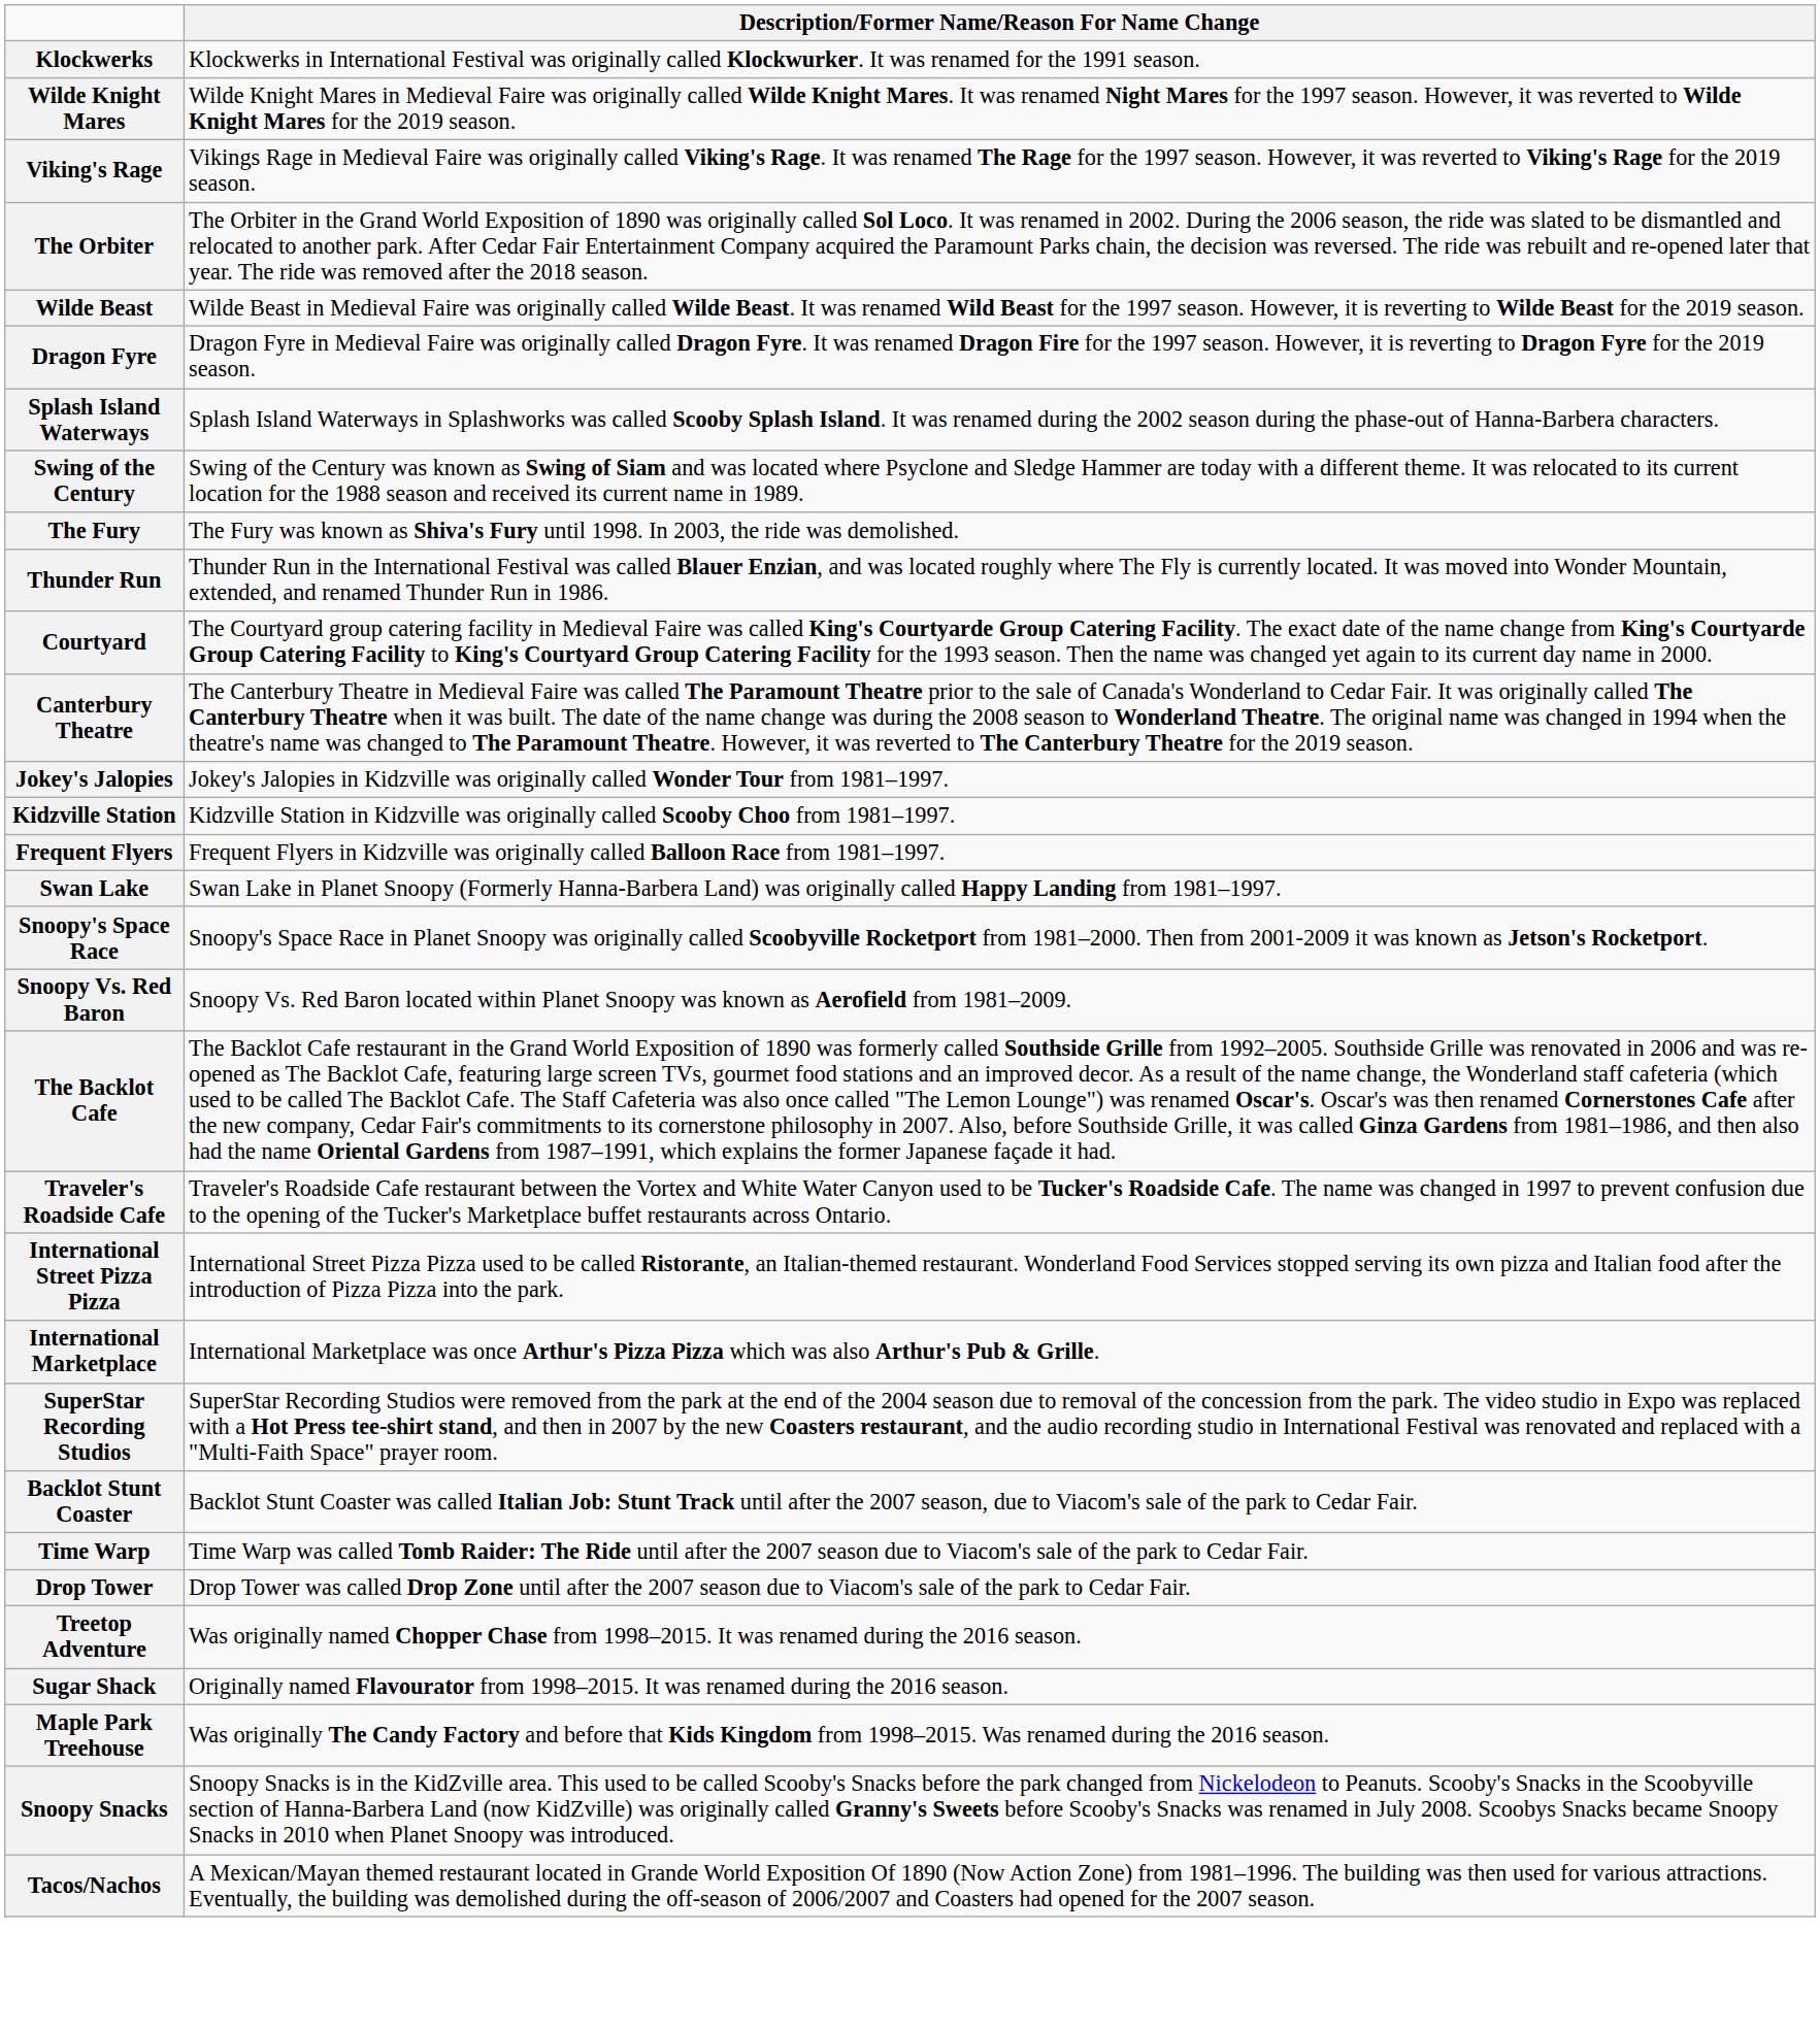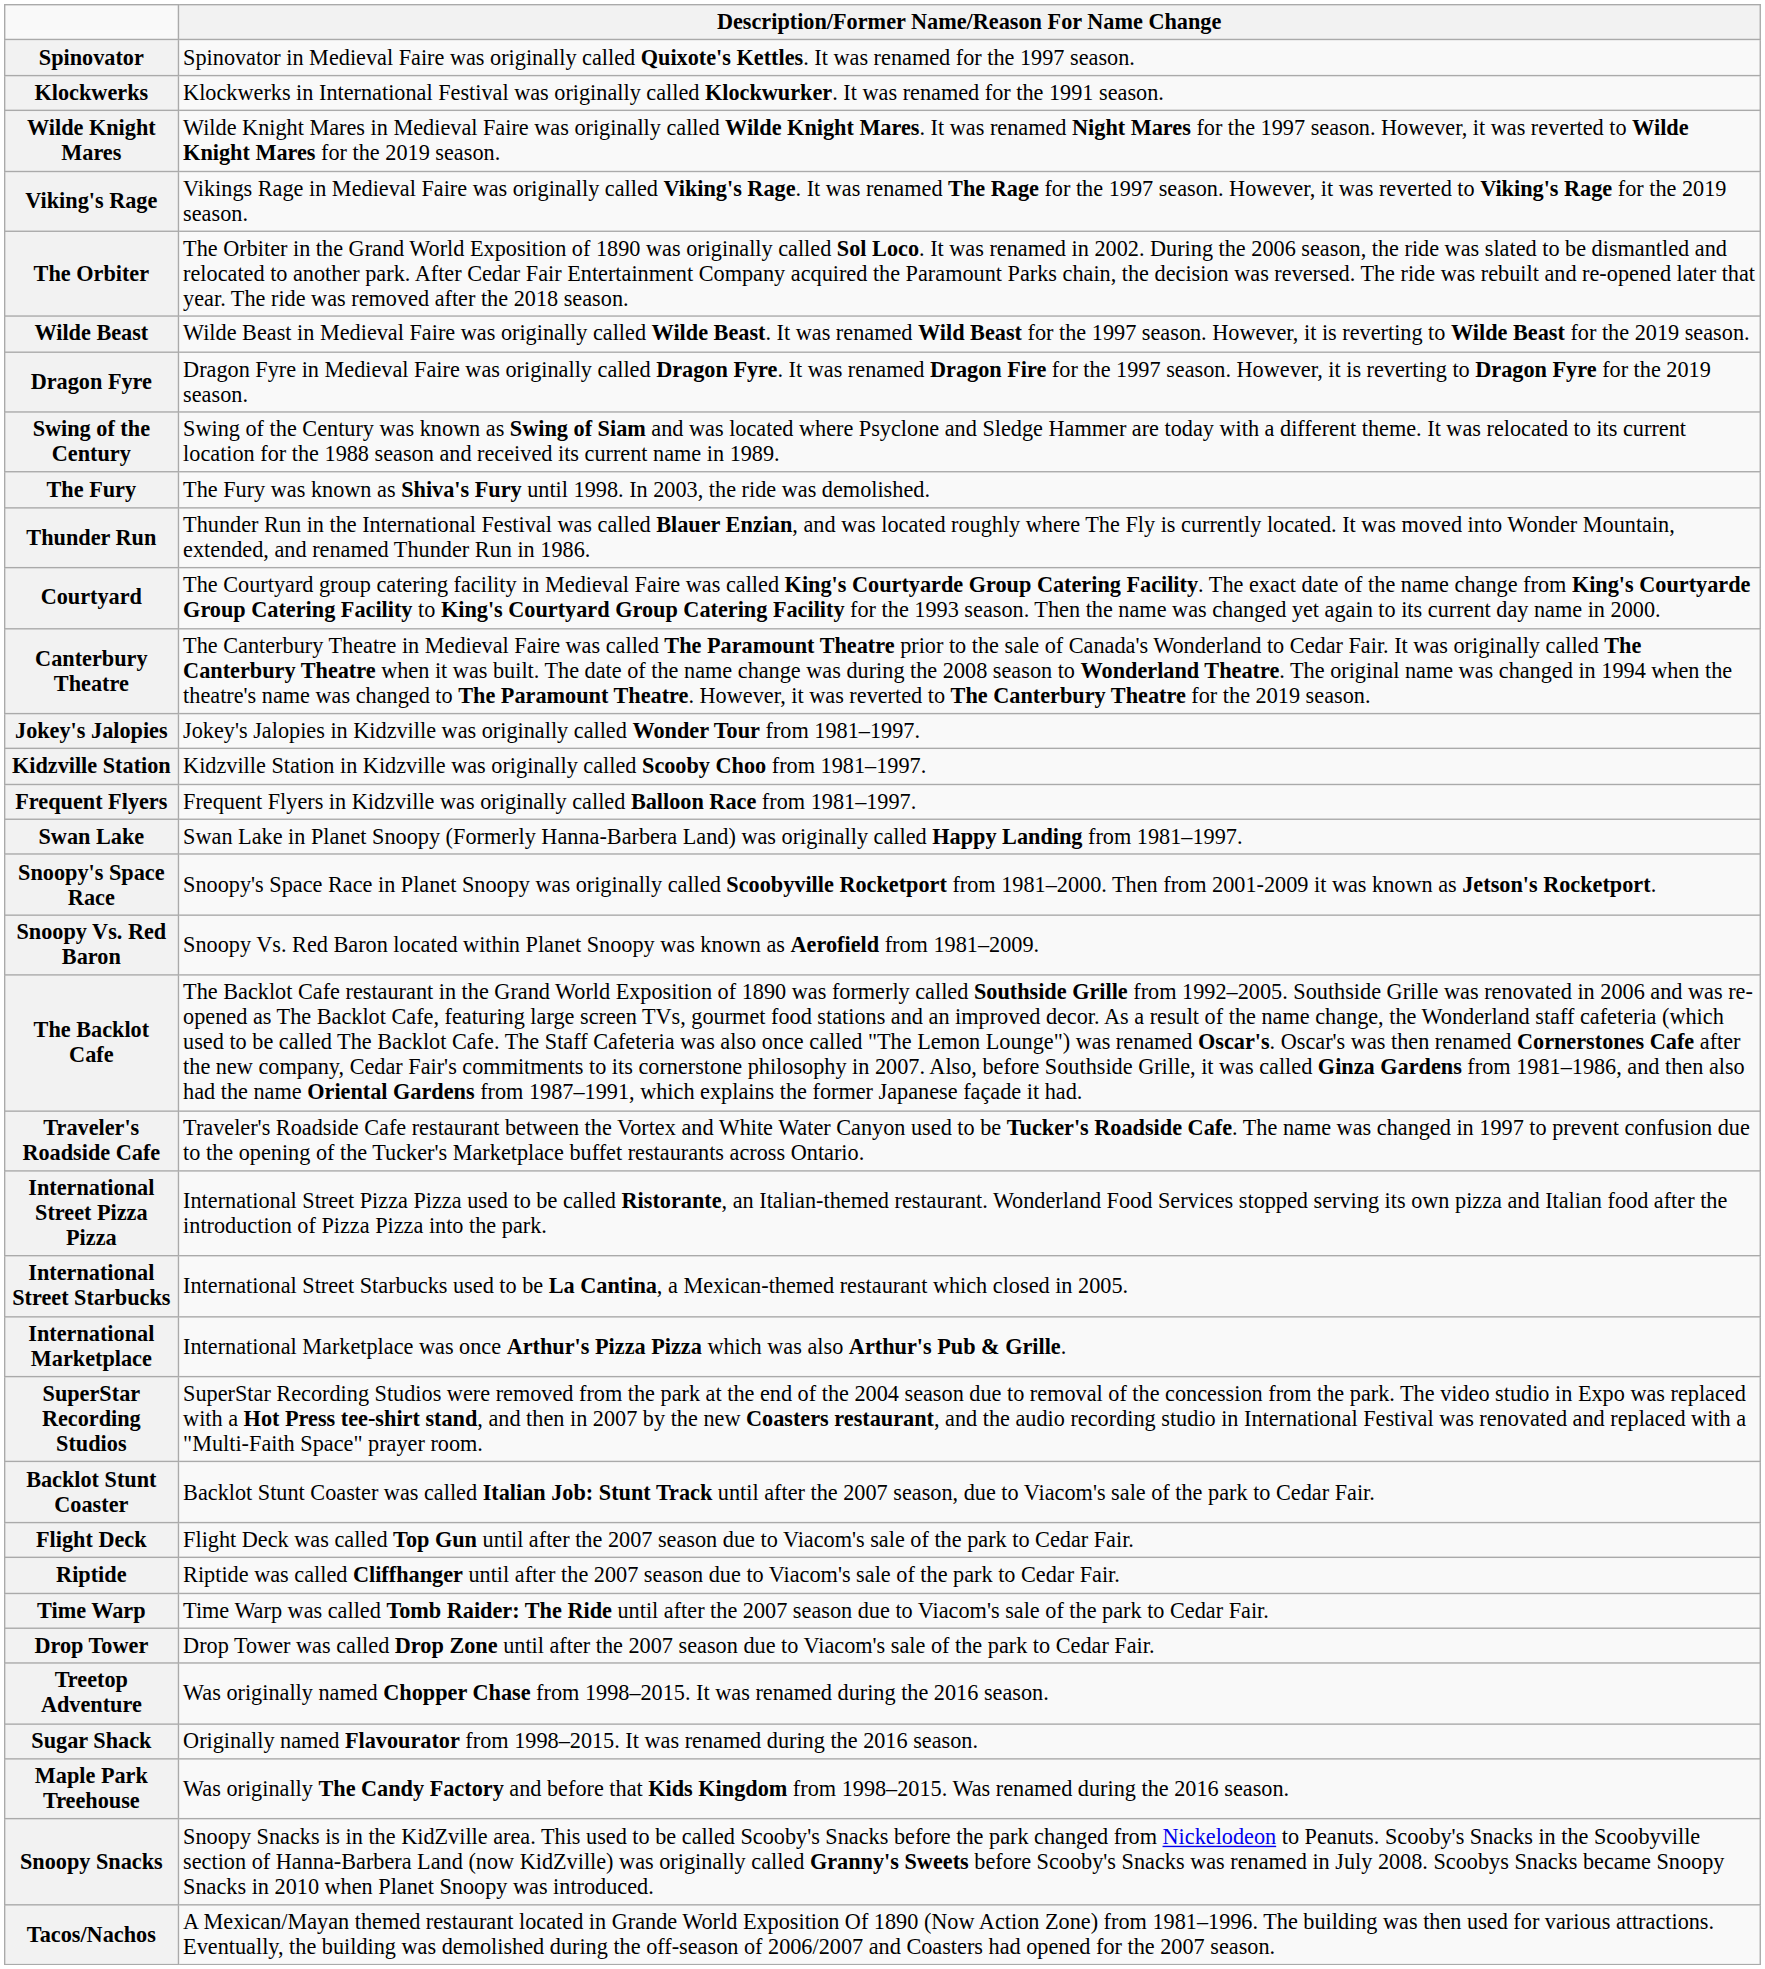 <table class="wikitable" style="text-align:left; width:100%; cellpadding:5;">
 <tr>
 <td></td>
 <th scope="col">Description/Former Name/Reason For Name Change</th>
+</tr>
+<tr>
+<th scope="row">Spinovator</th>
+<td>Spinovator in Medieval Faire was originally called <strong>Quixote's Kettles</strong>. It was renamed for the 1997 season.</td>
 </tr>
 <tr>
 <th scope="row">Klockwerks</th>
 <td>Klockwerks in International Festival was originally called <strong>Klockwurker</strong>. It was renamed for the 1991 season.</td>
 </tr>
 <tr>
 <th scope="row">Wilde Knight Mares</th>
 <td>Wilde Knight Mares in Medieval Faire was originally called <strong>Wilde Knight Mares</strong>. It was renamed <strong>Night Mares</strong> for the 1997 season. However, it was reverted to <strong>Wilde Knight Mares</strong> for the 2019 season.</td>
 </tr>
 <tr>
 <th scope="row">Viking's Rage</th>
 <td>Vikings Rage in Medieval Faire was originally called <strong>Viking's Rage</strong>. It was renamed <strong>The Rage</strong> for the 1997 season. However, it was reverted to <strong>Viking's Rage</strong> for the 2019 season.</td>
 </tr>
 <tr>
 <th scope="row">The Orbiter</th>
 <td>The Orbiter in the Grand World Exposition of 1890 was originally called <strong>Sol Loco</strong>. It was renamed in 2002. During the 2006 season, the ride was slated to be dismantled and relocated to another park. After Cedar Fair Entertainment Company acquired the Paramount Parks chain, the decision was reversed. The ride was rebuilt and re-opened later that year. The ride was removed after the 2018 season.</td>
 </tr>
 <tr>
 <th scope="row">Wilde Beast</th>
 <td>Wilde Beast in Medieval Faire was originally called <strong>Wilde Beast</strong>. It was renamed <strong>Wild Beast</strong> for the 1997 season.  However, it is reverting to <strong>Wilde Beast</strong> for the 2019 season.</td>
 </tr>
 <tr>
 <th scope="row">Dragon Fyre</th>
 <td>Dragon Fyre in Medieval Faire was originally called <strong>Dragon Fyre</strong>. It was renamed <strong>Dragon Fire</strong> for the 1997 season.  However, it is reverting to <strong>Dragon Fyre</strong> for the 2019 season.</td>
-</tr>
-<tr>
-<th scope="row">Splash Island Waterways</th>
-<td>Splash Island Waterways in Splashworks was called <strong>Scooby Splash Island</strong>. It was renamed during the 2002 season during the phase-out of Hanna-Barbera characters.</td>
 </tr>
 <tr>
 <th scope="row">Swing of the Century</th>
 <td>Swing of the Century was known as <strong>Swing of Siam</strong> and was located where Psyclone and Sledge Hammer are today with a different theme. It was relocated to its current location for the 1988 season and received its current name in 1989.</td>
 </tr>
 <tr>
 <th scope="row">The Fury</th>
 <td>The Fury was known as <strong>Shiva's Fury</strong> until 1998. In 2003, the ride was demolished.</td>
 </tr>
 <tr>
 <th scope="row">Thunder Run</th>
 <td>Thunder Run in the International Festival was called <strong>Blauer Enzian</strong>, and was located roughly where The Fly is currently located. It was moved into Wonder Mountain, extended, and renamed Thunder Run in 1986.</td>
 </tr>
 <tr>
 <th scope="row">Courtyard</th>
 <td>The Courtyard group catering facility in Medieval Faire was called <strong>King's Courtyarde Group Catering Facility</strong>. The exact date of the name change from <strong>King's Courtyarde Group Catering Facility</strong> to <strong> King's Courtyard Group Catering Facility</strong> for the 1993 season. Then the name was changed yet again to its current day name in 2000.</td>
 </tr>
 <tr>
 <th scope="row">Canterbury Theatre</th>
 <td>The Canterbury Theatre in Medieval Faire was called <strong>The Paramount Theatre</strong> prior to the sale of Canada's Wonderland to Cedar Fair. It was originally called <strong>The Canterbury Theatre</strong> when it was built. The date of the name change was during the 2008 season to <strong>Wonderland Theatre</strong>. The original name was changed in 1994 when the theatre's name was changed to <strong>The Paramount Theatre</strong>. However, it was reverted to <strong>The Canterbury Theatre</strong> for the 2019 season.</td>
 </tr>
 <tr>
 <th scope="row">Jokey's Jalopies</th>
 <td>Jokey's Jalopies in Kidzville was originally called <strong>Wonder Tour</strong> from 1981–1997.</td>
 </tr>
 <tr>
 <th scope="row">Kidzville Station</th>
 <td>Kidzville Station in Kidzville was originally called <strong>Scooby Choo</strong> from 1981–1997.</td>
 </tr>
 <tr>
 <th scope="row">Frequent Flyers</th>
 <td>Frequent Flyers in Kidzville was originally called <strong>Balloon Race</strong> from 1981–1997.</td>
 </tr>
 <tr>
 <th scope="row">Swan Lake</th>
 <td>Swan Lake in Planet Snoopy (Formerly Hanna-Barbera Land) was originally called <strong>Happy Landing</strong> from 1981–1997.</td>
 </tr>
 <tr>
 <th scope="row">Snoopy's Space Race</th>
 <td>Snoopy's Space Race in Planet Snoopy was originally called <strong>Scoobyville Rocketport</strong> from 1981–2000. Then from 2001-2009 it was known as <strong>Jetson's Rocketport</strong>.</td>
 </tr>
 <tr>
 <th scope="row">Snoopy Vs. Red Baron</th>
 <td>Snoopy Vs. Red Baron located within Planet Snoopy was known as <strong>Aerofield</strong> from 1981–2009.</td>
 </tr>
 <tr>
 <th scope="row">The Backlot Cafe</th>
 <td>The Backlot Cafe restaurant in the Grand World Exposition of 1890 was formerly called <strong>Southside Grille</strong> from 1992–2005. Southside Grille was renovated in 2006 and was re-opened as The Backlot Cafe, featuring large screen TVs, gourmet food stations and an improved decor. As a result of the name change, the Wonderland staff cafeteria (which used to be called The Backlot Cafe. The Staff Cafeteria was also once called "The Lemon Lounge") was renamed <strong>Oscar's</strong>. Oscar's was then renamed <strong>Cornerstones Cafe</strong> after the new company, Cedar Fair's commitments to its cornerstone philosophy in 2007. Also, before Southside Grille, it was called <strong>Ginza Gardens</strong> from 1981–1986, and then also had the name <strong>Oriental Gardens</strong> from 1987–1991, which explains the former Japanese façade it had.</td>
 </tr>
 <tr>
 <th scope="row">Traveler's Roadside Cafe</th>
 <td>Traveler's Roadside Cafe restaurant between the Vortex and White Water Canyon used to be <strong>Tucker's Roadside Cafe</strong>. The name was changed in 1997 to prevent confusion due to the opening of the Tucker's Marketplace buffet restaurants across Ontario.</td>
 </tr>
 <tr>
 <th scope="row">International Street Pizza Pizza</th>
 <td>International Street Pizza Pizza used to be called <strong>Ristorante</strong>, an Italian-themed restaurant. Wonderland Food Services stopped serving its own pizza and Italian food after the introduction of Pizza Pizza into the park.</td>
 </tr>
 <tr>
+<th scope="row">International Street Starbucks</th>
+<td>International Street Starbucks used to be <strong>La Cantina</strong>, a Mexican-themed restaurant which closed in 2005.</td>
+</tr>
+<tr>
 <th scope="row">International Marketplace</th>
 <td>International Marketplace was once <strong>Arthur's Pizza Pizza</strong> which was also <strong>Arthur's Pub & Grille</strong>.</td>
 </tr>
 <tr>
 <th scope="row">SuperStar Recording Studios</th>
 <td>SuperStar Recording Studios were removed from the park at the end of the 2004 season due to removal of the concession from the park. The video studio in Expo was replaced with a <strong>Hot Press tee-shirt stand</strong>, and then in 2007 by the new <strong>Coasters restaurant</strong>, and the audio recording studio in International Festival was renovated and replaced with a "Multi-Faith Space" prayer room.</td>
 </tr>
 <tr>
 <th scope="row">Backlot Stunt Coaster</th>
 <td>Backlot Stunt Coaster was called <strong>Italian Job: Stunt Track</strong> until after the 2007 season, due to Viacom's sale of the park to Cedar Fair.</td>
+</tr>
+<tr>
+<th scope="row">Flight Deck</th>
+<td>Flight Deck was called <strong>Top Gun</strong> until after the 2007 season due to Viacom's sale of the park to Cedar Fair.</td>
+</tr>
+<tr>
+<th scope="row">Riptide</th>
+<td>Riptide was called <strong>Cliffhanger</strong> until after the 2007 season due to Viacom's sale of the park to Cedar Fair.</td>
 </tr>
 <tr>
 <th scope="row">Time Warp</th>
 <td>Time Warp was called <strong>Tomb Raider: The Ride</strong> until after the 2007 season due to Viacom's sale of the park to Cedar Fair.</td>
 </tr>
 <tr>
 <th scope="row">Drop Tower</th>
 <td>Drop Tower was called <strong>Drop Zone</strong> until after the 2007 season due to Viacom's sale of the park to Cedar Fair.</td>
 </tr>
 <tr>
 <th scope="row">Treetop Adventure</th>
 <td>Was originally named <strong>Chopper Chase</strong> from 1998–2015. It was renamed during the 2016 season.</td>
 </tr>
 <tr>
 <th scope="row">Sugar Shack</th>
 <td>Originally named <strong>Flavourator</strong> from 1998–2015. It was renamed during the 2016 season.</td>
 </tr>
 <tr>
 <th scope="row">Maple Park Treehouse</th>
 <td>Was originally <strong>The Candy Factory</strong> and before that <strong>Kids Kingdom</strong> from 1998–2015. Was renamed during the 2016 season.</td>
 </tr>
 <tr>
 <th scope="row">Snoopy Snacks</th>
 <td>Snoopy Snacks is in the KidZville area. This used to be called Scooby's Snacks before the park changed from <a href='#'>Nickelodeon</a> to Peanuts. Scooby's Snacks in the Scoobyville section of Hanna-Barbera Land (now KidZville) was originally called <strong>Granny's Sweets</strong> before Scooby's Snacks was renamed in July 2008. Scoobys Snacks became Snoopy Snacks in 2010 when Planet Snoopy was introduced.</td>
 </tr>
 <tr>
 <th scope="row">Tacos/Nachos</th>
 <td>A Mexican/Mayan themed restaurant located in Grande World Exposition Of 1890 (Now Action Zone) from 1981–1996. The building was then used for various attractions. Eventually, the building was demolished during the off-season of 2006/2007 and Coasters had opened for the 2007 season.</td>
 </tr>
 </table>
